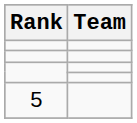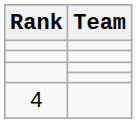 <table class="wikitable">
 <tr>
 <th>Rank</th>
 <th>Team</th>
 </tr>
 <tr>
 <td align=center></td>
 <td></td>
 </tr>
 <tr>
 <td align=center></td>
 <td></td>
 </tr>
 <tr>
 <td rowspan=2 align=center></td>
 <td></td>
 </tr>
 <tr>
 <td></td>
 </tr>
 <tr>
-<td align=center>5</td>
+<td align=center>4</td>
 <td></td>
 </tr>
 </table>
